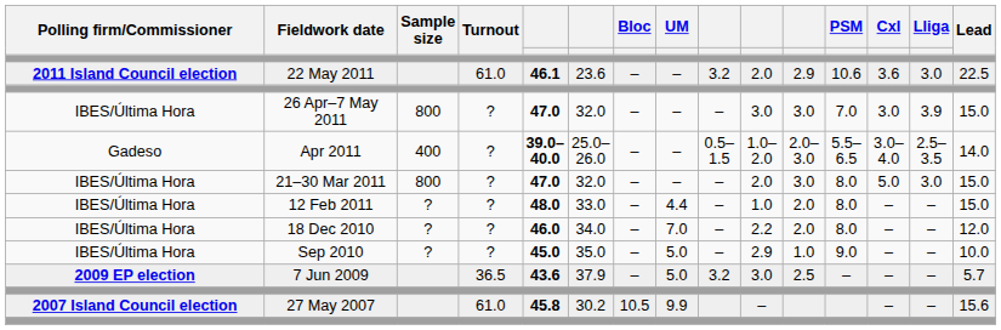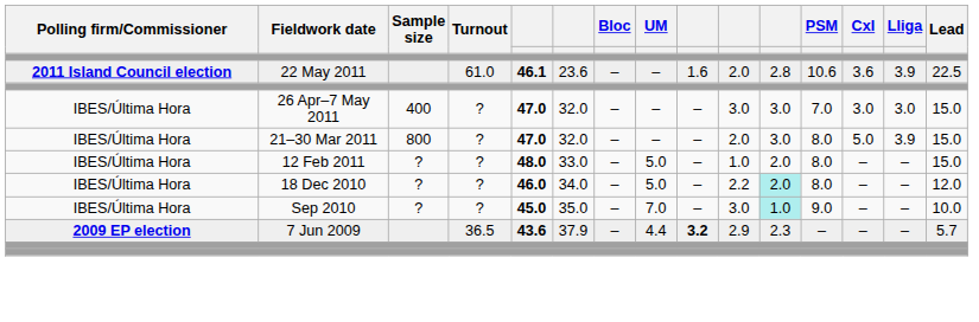 <table class="wikitable collapsible collapsed" style="text-align:center; font-size:95%; line-height:16px;">
 <tr style="height:42px;">
 <th style="width:250px;" rowspan="2">Polling firm/Commissioner</th>
 <th style="width:125px;" rowspan="2">Fieldwork date</th>
 <th style="width:50px;" rowspan="2">Sample size</th>
 <th style="width:45px;" rowspan="2">Turnout</th>
 <th style="width:35px;"></th>
 <th style="width:35px;"></th>
 <th style="width:35px;"><a href='#'>Bloc</a></th>
 <th style="width:35px;"><a href='#'>UM</a></th>
 <th style="width:35px;"></th>
 <th style="width:35px;"></th>
 <th style="width:35px;"></th>
 <th style="width:35px;"><a href='#'>PSM</a></th>
 <th style="width:35px;"><a href='#'>CxI</a></th>
 <th style="width:35px;"><a href='#'>Lliga</a></th>
 <th style="width:30px;" rowspan="2">Lead</th>
 </tr>
 <tr>
 <th style="color:inherit;background:"></th>
 <th style="color:inherit;background:"></th>
 <th style="color:inherit;background:"></th>
 <th style="color:inherit;background:"></th>
 <th style="color:inherit;background:"></th>
 <th style="color:inherit;background:"></th>
 <th style="color:inherit;background:"></th>
 <th style="color:inherit;background:"></th>
 <th style="color:inherit;background:"></th>
 <th style="color:inherit;background:"></th>
 </tr>
 <tr>
 <td colspan="15" style="background:#A0A0A0"></td>
 </tr>
 <tr style="background:#EFEFEF;">
 <td><strong><a href='#'>2011 Island Council election</a></strong></td>
 <td>22 May 2011</td>
 <td></td>
 <td>61.0</td>
 <td><strong>46.1</strong><br></td>
 <td>23.6<br></td>
 <td>–</td>
 <td>–</td>
-<td>3.2<br></td>
+<td>1.6<br></td>
 <td>2.0<br></td>
-<td>2.9<br></td>
+<td>2.8<br></td>
 <td>10.6<br></td>
 <td>3.6<br></td>
-<td>3.0<br></td>
+<td>3.9<br></td>
 <td style="background:">22.5</td>
 </tr>
 <tr>
 <td colspan="15" style="background:#A0A0A0"></td>
 </tr>
 <tr>
 <td>IBES/Última Hora</td>
 <td>26 Apr–7 May 2011</td>
-<td>800</td>
+<td>400</td>
 <td>?</td>
 <td><strong>47.0</strong><br></td>
 <td>32.0<br></td>
 <td>–</td>
 <td>–</td>
 <td>–</td>
 <td>3.0<br></td>
 <td>3.0<br></td>
 <td>7.0<br></td>
 <td>3.0<br></td>
-<td>3.9<br></td>
+<td>3.0<br></td>
 <td style="background:">15.0</td>
-</tr>
-<tr>
-<td>Gadeso</td>
-<td>Apr 2011</td>
-<td>400</td>
-<td>?</td>
-<td><strong>39.0–<br>40.0</strong><br></td>
-<td>25.0–<br>26.0<br></td>
-<td>–</td>
-<td>–</td>
-<td>0.5–<br>1.5<br></td>
-<td>1.0–<br>2.0<br></td>
-<td>2.0–<br>3.0<br></td>
-<td>5.5–<br>6.5<br></td>
-<td>3.0–<br>4.0<br></td>
-<td>2.5–<br>3.5<br></td>
-<td style="background:">14.0</td>
 </tr>
 <tr>
 <td>IBES/Última Hora</td>
 <td>21–30 Mar 2011</td>
 <td>800</td>
 <td>?</td>
 <td><strong>47.0</strong><br></td>
 <td>32.0<br></td>
 <td>–</td>
 <td>–</td>
 <td>–</td>
 <td>2.0<br></td>
 <td>3.0<br></td>
 <td>8.0<br></td>
 <td>5.0<br></td>
-<td>3.0<br></td>
+<td>3.9<br></td>
 <td style="background:">15.0</td>
 </tr>
 <tr>
 <td>IBES/Última Hora</td>
 <td>12 Feb 2011</td>
 <td>?</td>
 <td>?</td>
 <td><strong>48.0</strong><br></td>
 <td>33.0<br></td>
 <td>–</td>
-<td>4.4<br></td>
+<td>5.0<br></td>
 <td>–</td>
 <td>1.0<br></td>
 <td>2.0<br></td>
 <td>8.0<br></td>
 <td>–</td>
 <td>–</td>
 <td style="background:">15.0</td>
 </tr>
 <tr>
 <td>IBES/Última Hora</td>
 <td>18 Dec 2010</td>
 <td>?</td>
 <td>?</td>
 <td><strong>46.0</strong><br></td>
 <td>34.0<br></td>
 <td>–</td>
-<td>7.0<br></td>
+<td>5.0<br></td>
 <td>–</td>
 <td>2.2<br></td>
-<td>2.0<br></td>
+<td style="background: paleturquoise;">2.0<br></td>
 <td>8.0<br></td>
 <td>–</td>
 <td>–</td>
 <td style="background:">12.0</td>
 </tr>
 <tr>
 <td>IBES/Última Hora</td>
 <td>Sep 2010</td>
 <td>?</td>
 <td>?</td>
 <td><strong>45.0</strong><br></td>
 <td>35.0<br></td>
 <td>–</td>
-<td>5.0<br></td>
+<td>7.0<br></td>
 <td>–</td>
-<td>2.9<br></td>
-<td>1.0<br></td>
+<td>3.0<br></td>
+<td style="background: paleturquoise;">1.0<br></td>
 <td>9.0<br></td>
 <td>–</td>
 <td>–</td>
 <td style="background:">10.0</td>
 </tr>
 <tr style="background:#EFEFEF;">
 <td><strong><a href='#'>2009 EP election</a></strong></td>
 <td>7 Jun 2009</td>
 <td></td>
 <td>36.5</td>
 <td><strong>43.6</strong><br></td>
 <td>37.9<br></td>
 <td>–</td>
-<td>5.0<br></td>
-<td>3.2<br></td>
-<td>3.0<br></td>
-<td>2.5<br></td>
+<td>4.4<br></td>
+<td><strong>3.2<br></strong></td>
+<td>2.9<br></td>
+<td>2.3<br></td>
 <td>–</td>
 <td>–</td>
 <td>–</td>
 <td style="background:">5.7</td>
 </tr>
 <tr>
 <td colspan="15" style="background:#A0A0A0"></td>
 </tr>
-<tr style="background:#EFEFEF;">
-<td><strong><a href='#'>2007 Island Council election</a></strong></td>
-<td>27 May 2007</td>
-<td></td>
-<td>61.0</td>
-<td><strong>45.8</strong><br></td>
-<td>30.2<br></td>
-<td>10.5<br></td>
-<td>9.9<br></td>
-<td></td>
-<td>–</td>
-<td></td>
-<td></td>
-<td>–</td>
-<td>–</td>
-<td style="background:">15.6</td>
-</tr>
 <tr>
 <td colspan="15" style="background:#A0A0A0"></td>
 </tr>
 </table>
